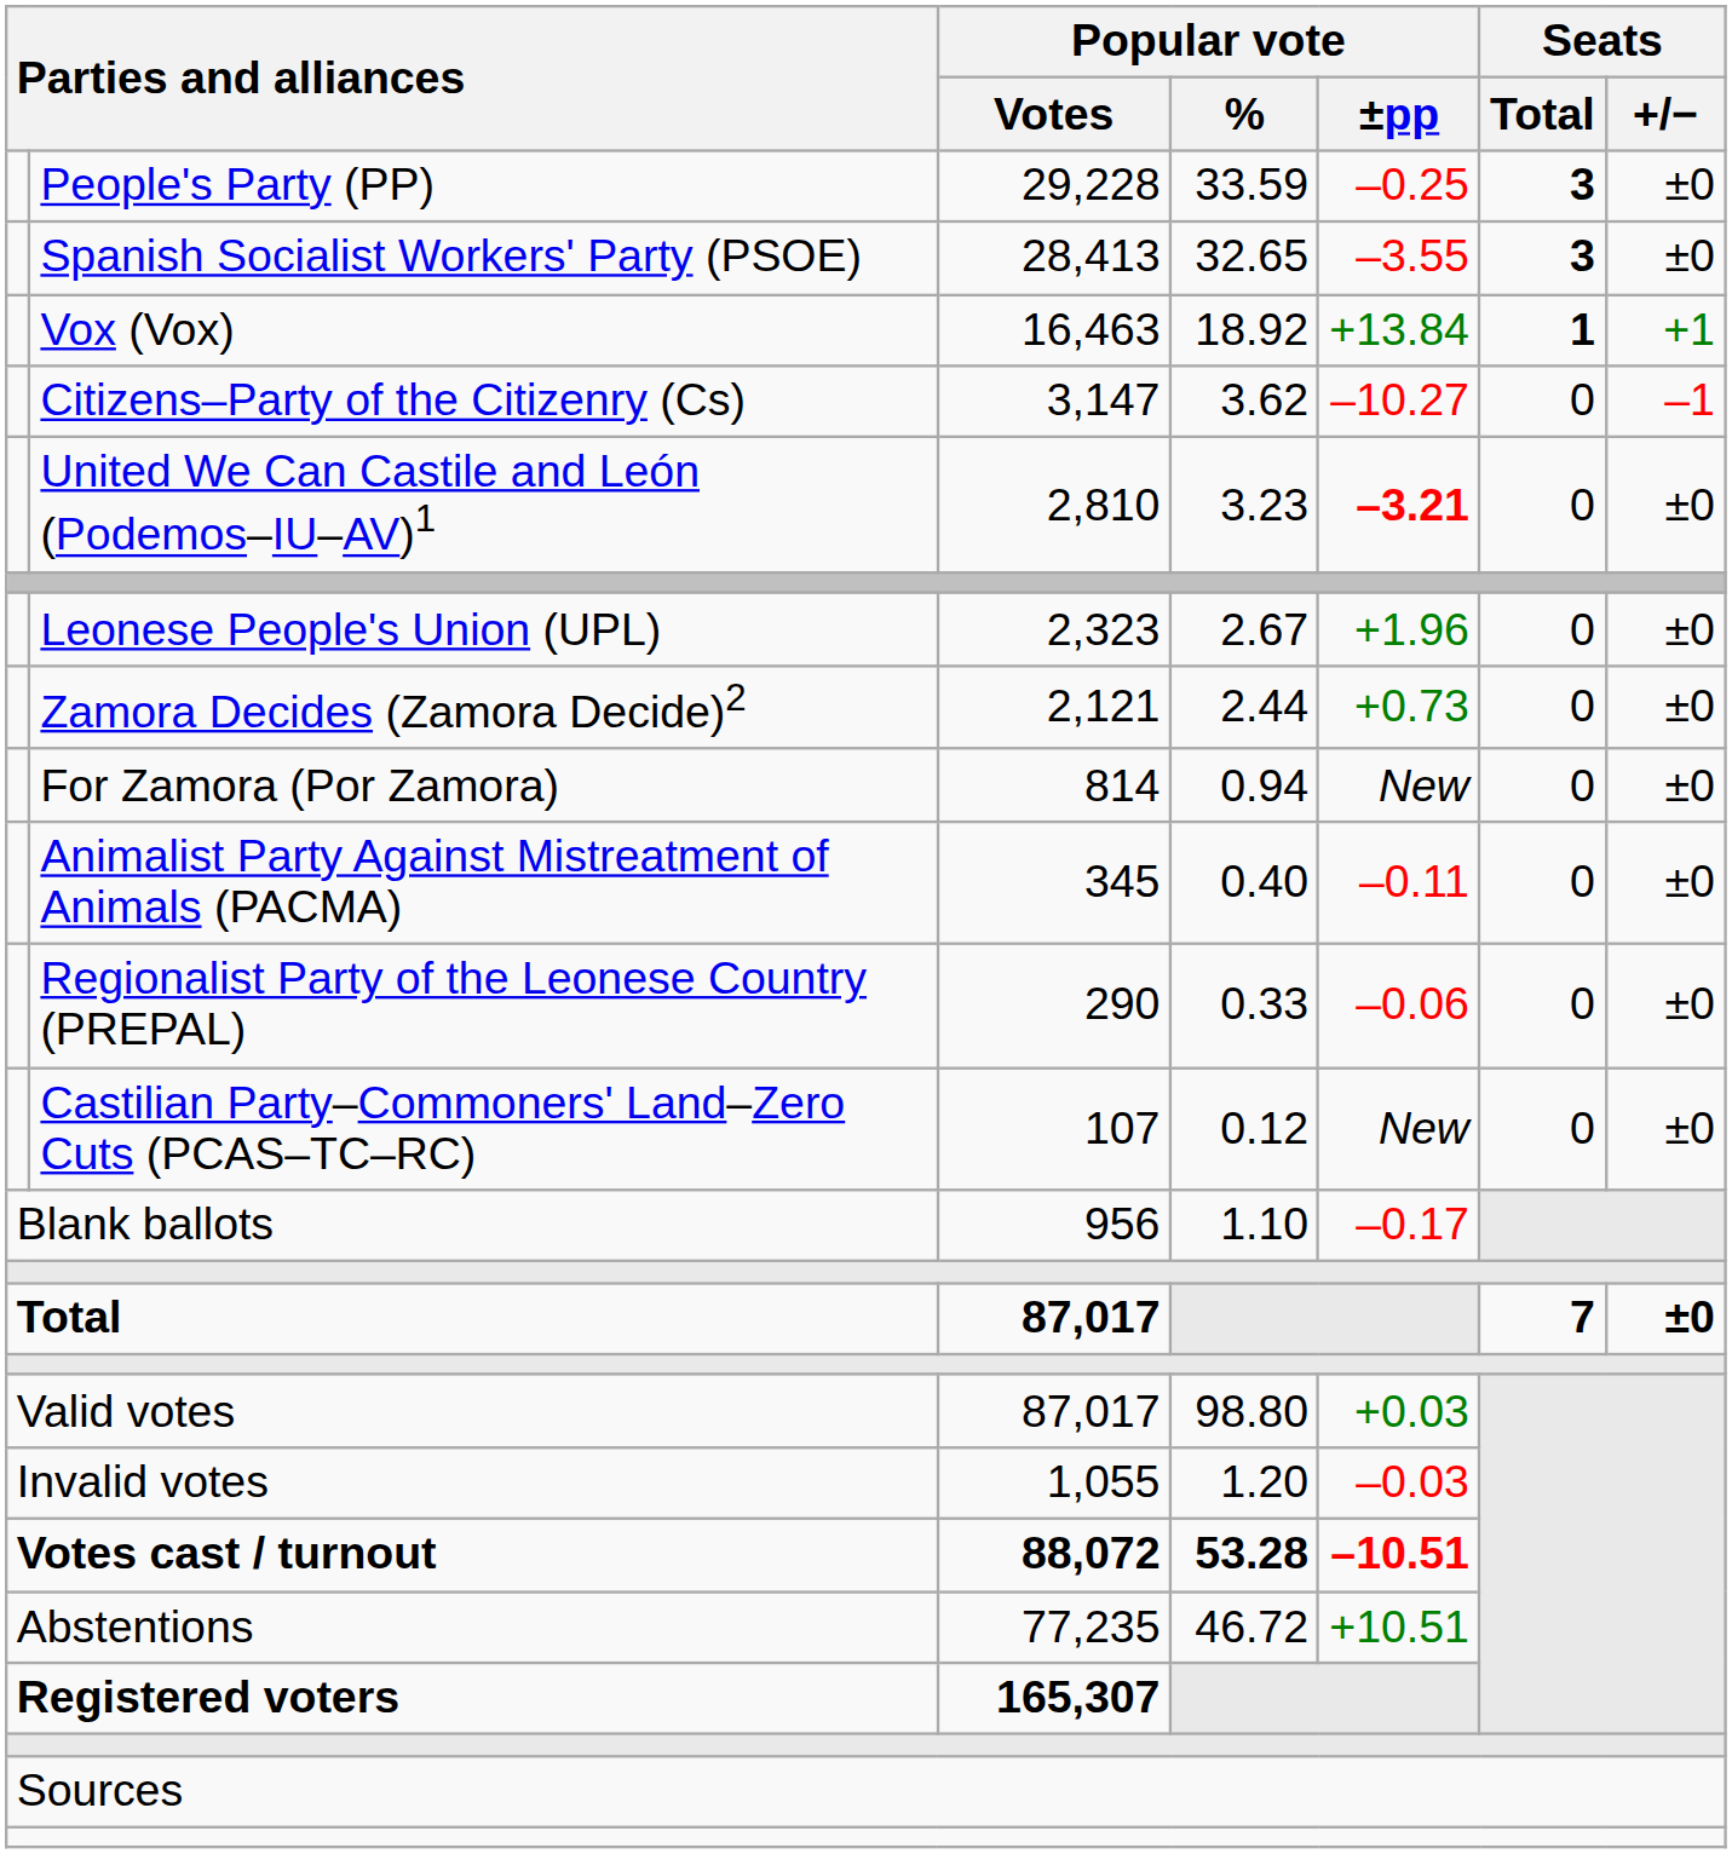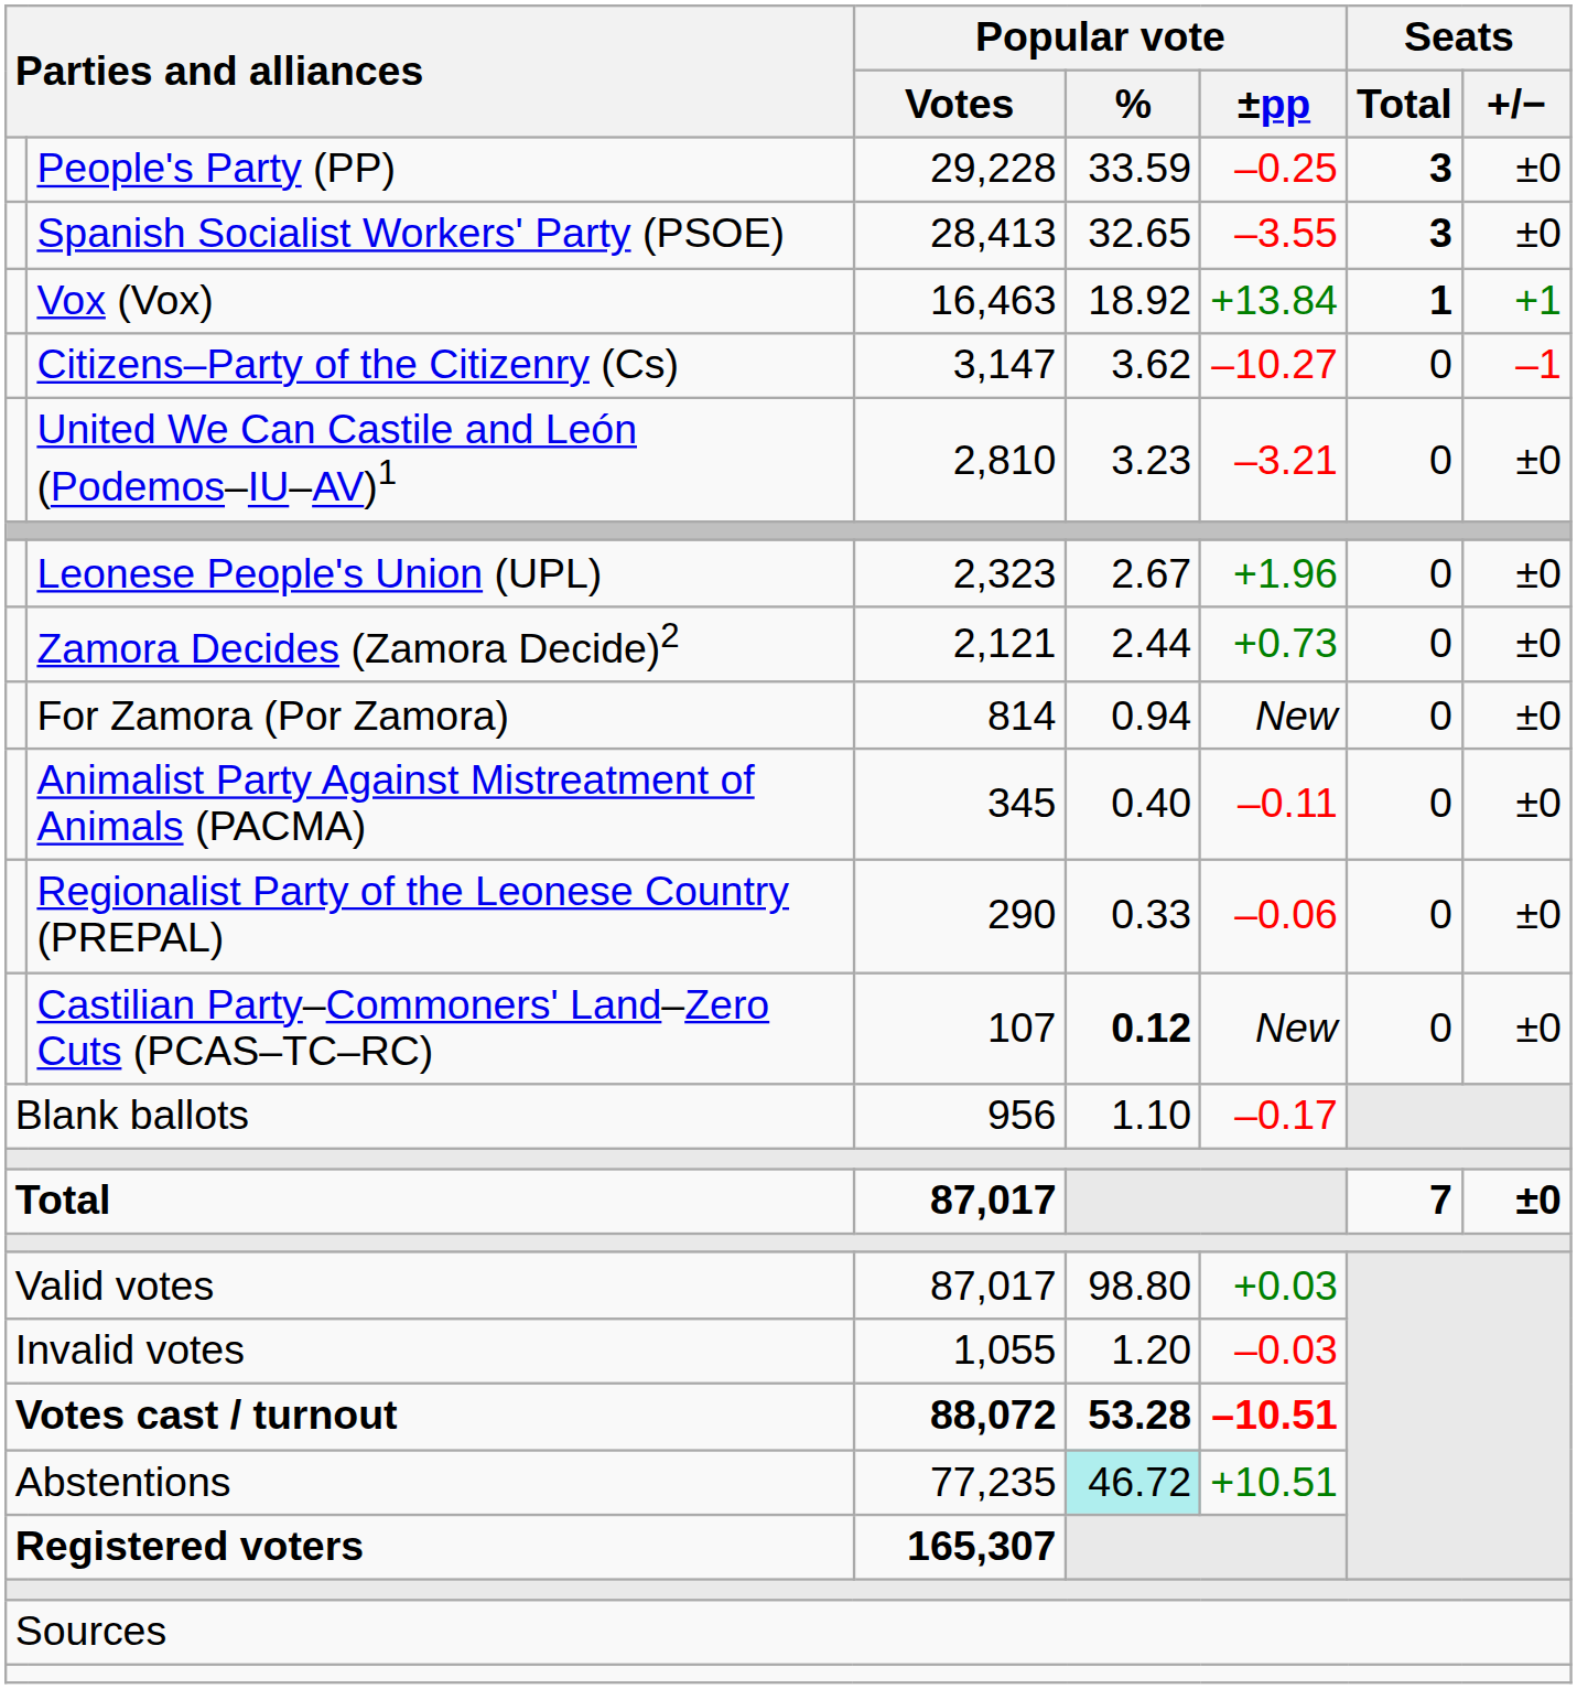 <table class="wikitable" style="text-align:right;">
 <tr>
 <th style="text-align:left;" rowspan="2" colspan="2" width="525">Parties and alliances</th>
 <th colspan="3">Popular vote</th>
 <th colspan="2">Seats</th>
 </tr>
 <tr>
 <th width="75">Votes</th>
 <th width="45">%</th>
 <th width="45">±<a href='#'>pp</a></th>
 <th width="35">Total</th>
 <th width="35">+/−</th>
 </tr>
 <tr>
 <td width="1" style="color:inherit;background:"></td>
 <td align="left"><a href='#'>People's Party</a> (PP)</td>
 <td>29,228</td>
 <td>33.59</td>
 <td style="color:red;">–0.25</td>
 <td><strong>3</strong></td>
 <td>±0</td>
 </tr>
 <tr>
 <td style="color:inherit;background:"></td>
 <td align="left"><a href='#'>Spanish Socialist Workers' Party</a> (PSOE)</td>
 <td>28,413</td>
 <td>32.65</td>
 <td style="color:red;">–3.55</td>
 <td><strong>3</strong></td>
 <td>±0</td>
 </tr>
 <tr>
 <td style="color:inherit;background:"></td>
 <td align="left"><a href='#'>Vox</a> (Vox)</td>
 <td>16,463</td>
 <td>18.92</td>
 <td style="color:green;">+13.84</td>
 <td><strong>1</strong></td>
 <td style="color:green;">+1</td>
 </tr>
 <tr>
 <td style="color:inherit;background:"></td>
 <td align="left"><a href='#'>Citizens–Party of the Citizenry</a> (Cs)</td>
 <td>3,147</td>
 <td>3.62</td>
 <td style="color:red;">–10.27</td>
 <td>0</td>
 <td style="color:red;">–1</td>
 </tr>
 <tr>
 <td style="color:inherit;background:"></td>
 <td align="left"><a href='#'>United We Can Castile and León</a> (<a href='#'>Podemos</a>–<a href='#'>IU</a>–<a href='#'>AV</a>)<sup>1</sup></td>
 <td>2,810</td>
 <td>3.23</td>
-<td style="color:red;"><strong>–3.21</strong></td>
+<td style="color:red;">–3.21</td>
 <td>0</td>
 <td>±0</td>
 </tr>
 <tr>
 <td colspan="7" bgcolor="#C0C0C0"></td>
 </tr>
 <tr>
 <td style="color:inherit;background:"></td>
 <td align="left"><a href='#'>Leonese People's Union</a> (UPL)</td>
 <td>2,323</td>
 <td>2.67</td>
 <td style="color:green;">+1.96</td>
 <td>0</td>
 <td>±0</td>
 </tr>
 <tr>
 <td style="color:inherit;background:"></td>
 <td align="left"><a href='#'>Zamora Decides</a> (Zamora Decide)<sup>2</sup></td>
 <td>2,121</td>
 <td>2.44</td>
 <td style="color:green;">+0.73</td>
 <td>0</td>
 <td>±0</td>
 </tr>
 <tr>
 <td style="color:inherit;background:"></td>
 <td align="left">For Zamora (Por Zamora)</td>
 <td>814</td>
 <td>0.94</td>
 <td><em>New</em></td>
 <td>0</td>
 <td>±0</td>
 </tr>
 <tr>
 <td style="color:inherit;background:"></td>
 <td align="left"><a href='#'>Animalist Party Against Mistreatment of Animals</a> (PACMA)</td>
 <td>345</td>
 <td>0.40</td>
 <td style="color:red;">–0.11</td>
 <td>0</td>
 <td>±0</td>
 </tr>
 <tr>
 <td style="color:inherit;background:"></td>
 <td align="left"><a href='#'>Regionalist Party of the Leonese Country</a> (PREPAL)</td>
 <td>290</td>
 <td>0.33</td>
 <td style="color:red;">–0.06</td>
 <td>0</td>
 <td>±0</td>
 </tr>
 <tr>
 <td style="color:inherit;background:"></td>
 <td align="left"><a href='#'>Castilian Party</a>–<a href='#'>Commoners' Land</a>–<a href='#'>Zero Cuts</a> (PCAS–TC–RC)</td>
 <td>107</td>
-<td>0.12</td>
+<td><strong>0.12</strong></td>
 <td><em>New</em></td>
 <td>0</td>
 <td>±0</td>
 </tr>
 <tr>
 <td align="left" colspan="2">Blank ballots</td>
 <td>956</td>
 <td>1.10</td>
 <td style="color:red;">–0.17</td>
 <td bgcolor="#E9E9E9" colspan="2"></td>
 </tr>
 <tr>
 <td colspan="7" bgcolor="#E9E9E9"></td>
 </tr>
 <tr style="font-weight:bold;">
 <td align="left" colspan="2">Total</td>
 <td>87,017</td>
 <td bgcolor="#E9E9E9" colspan="2"></td>
 <td>7</td>
 <td>±0</td>
 </tr>
 <tr>
 <td colspan="7" bgcolor="#E9E9E9"></td>
 </tr>
 <tr>
 <td align="left" colspan="2">Valid votes</td>
 <td>87,017</td>
 <td>98.80</td>
 <td style="color:green;">+0.03</td>
 <td bgcolor="#E9E9E9" colspan="2" rowspan="5"></td>
 </tr>
 <tr>
 <td align="left" colspan="2">Invalid votes</td>
 <td>1,055</td>
 <td>1.20</td>
 <td style="color:red;">–0.03</td>
 </tr>
 <tr style="font-weight:bold;">
 <td align="left" colspan="2">Votes cast / turnout</td>
 <td>88,072</td>
 <td>53.28</td>
 <td style="color:red;">–10.51</td>
 </tr>
 <tr>
 <td align="left" colspan="2">Abstentions</td>
 <td>77,235</td>
-<td>46.72</td>
+<td style="background: paleturquoise;">46.72</td>
 <td style="color:green;">+10.51</td>
 </tr>
 <tr style="font-weight:bold;">
 <td align="left" colspan="2">Registered voters</td>
 <td>165,307</td>
 <td bgcolor="#E9E9E9" colspan="2"></td>
 </tr>
 <tr>
 <td colspan="7" bgcolor="#E9E9E9"></td>
 </tr>
 <tr>
 <td align="left" colspan="7">Sources</td>
 </tr>
 <tr>
 <td colspan="7" style="text-align:left; max-width:790px;"></td>
 </tr>
 </table>
